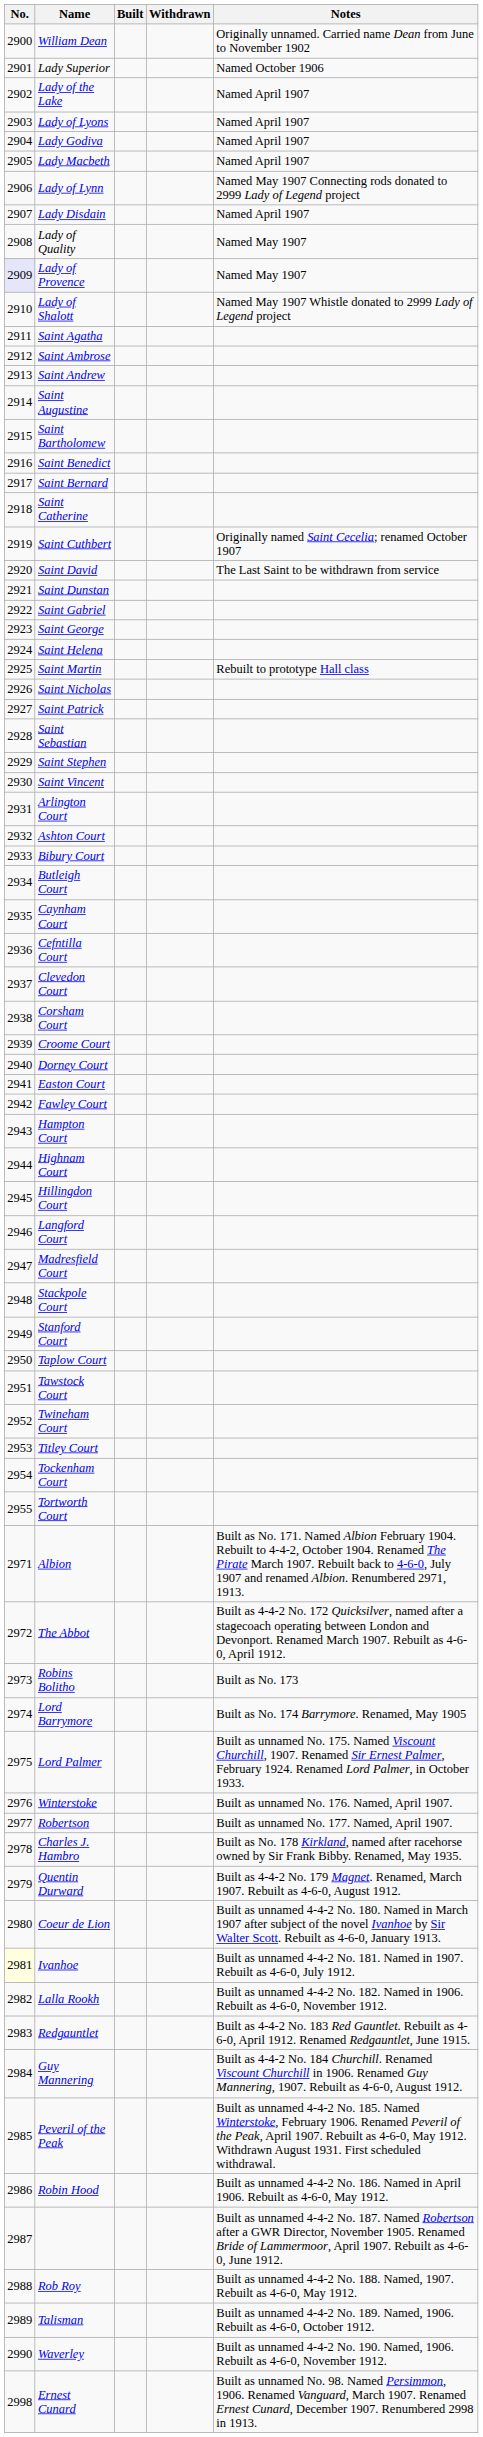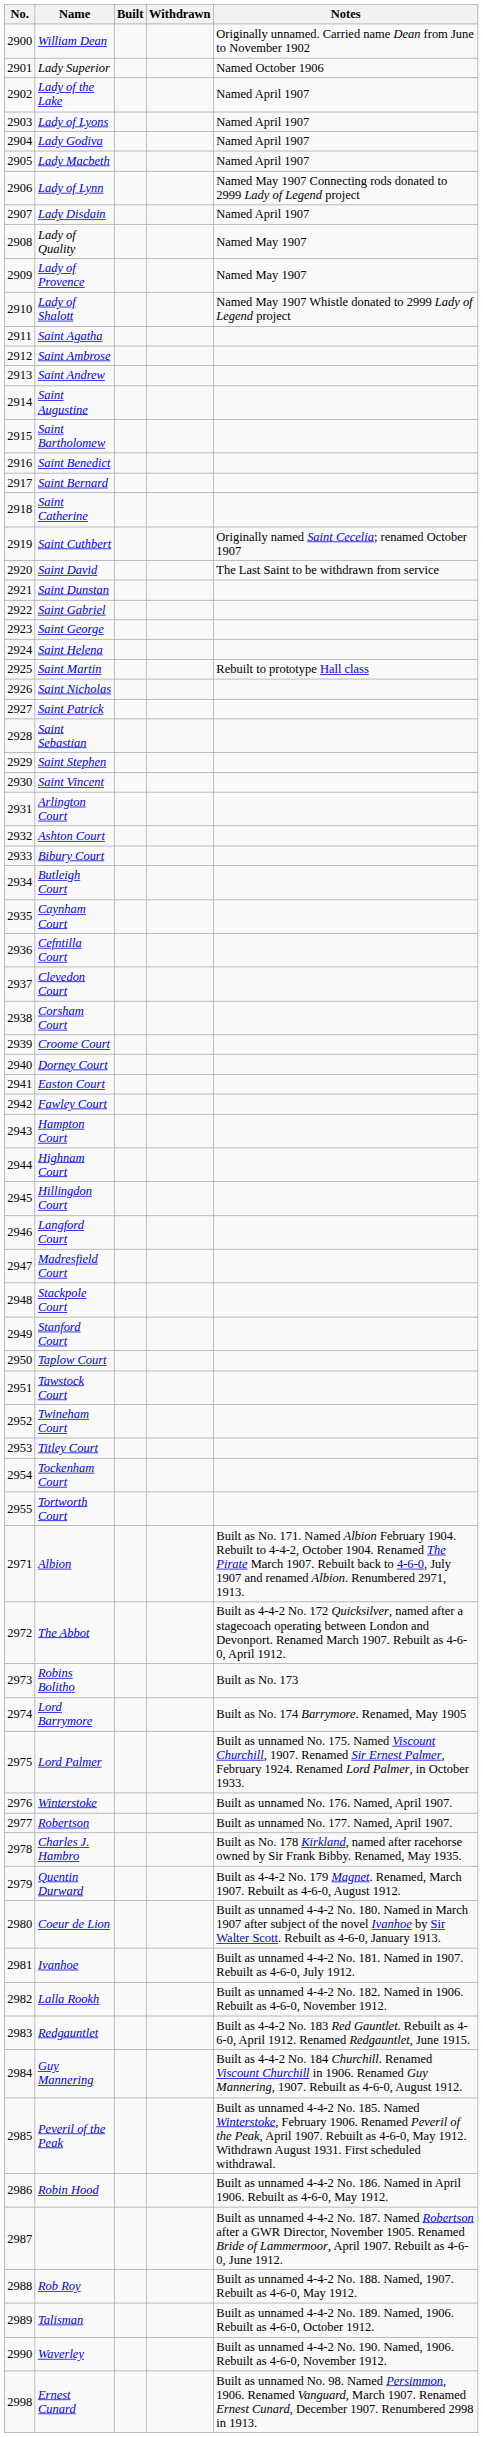 <table class="wikitable sortable">
 <tr>
 <th>No.</th>
 <th>Name</th>
 <th>Built</th>
 <th>Withdrawn</th>
 <th>Notes</th>
 </tr>
 <tr>
 <td>2900</td>
 <td><em><a href='#'>William Dean</a></em></td>
 <td></td>
 <td></td>
 <td>Originally unnamed. Carried name <em>Dean</em> from June to November 1902</td>
 </tr>
 <tr>
 <td>2901</td>
 <td><em>Lady Superior</em></td>
 <td></td>
 <td></td>
 <td>Named October 1906</td>
 </tr>
 <tr>
 <td>2902</td>
 <td><em><a href='#'>Lady of the Lake</a></em></td>
 <td></td>
 <td></td>
 <td>Named April 1907</td>
 </tr>
 <tr>
 <td>2903</td>
 <td><em><a href='#'>Lady of Lyons</a></em></td>
 <td></td>
 <td></td>
 <td>Named April 1907</td>
 </tr>
 <tr>
 <td>2904</td>
 <td><em><a href='#'>Lady Godiva</a></em></td>
 <td></td>
 <td></td>
 <td>Named April 1907</td>
 </tr>
 <tr>
 <td>2905</td>
 <td><em><a href='#'>Lady Macbeth</a></em></td>
 <td></td>
 <td></td>
 <td>Named April 1907</td>
 </tr>
 <tr>
 <td>2906</td>
 <td><em><a href='#'>Lady of Lynn</a></em></td>
 <td></td>
 <td></td>
 <td>Named May 1907 Connecting rods donated to 2999 <em>Lady of Legend</em> project</td>
 </tr>
 <tr>
 <td>2907</td>
 <td><em><a href='#'>Lady Disdain</a></em></td>
 <td></td>
 <td></td>
 <td>Named April 1907</td>
 </tr>
 <tr>
 <td>2908</td>
 <td><em>Lady of Quality</em></td>
 <td></td>
 <td></td>
 <td>Named May 1907</td>
 </tr>
 <tr>
-<td style="background: lavender;">2909</td>
+<td>2909</td>
 <td><em><a href='#'>Lady of Provence</a></em></td>
 <td></td>
 <td></td>
 <td>Named May 1907</td>
 </tr>
 <tr>
 <td>2910</td>
 <td><em><a href='#'>Lady of Shalott</a></em></td>
 <td></td>
 <td></td>
 <td>Named May 1907 Whistle donated to 2999 <em>Lady of Legend</em> project</td>
 </tr>
 <tr>
 <td>2911</td>
 <td><em><a href='#'>Saint Agatha</a></em></td>
 <td></td>
 <td></td>
 <td></td>
 </tr>
 <tr>
 <td>2912</td>
 <td><em><a href='#'>Saint Ambrose</a></em></td>
 <td></td>
 <td></td>
 <td></td>
 </tr>
 <tr>
 <td>2913</td>
 <td><em><a href='#'>Saint Andrew</a></em></td>
 <td></td>
 <td></td>
 <td></td>
 </tr>
 <tr>
 <td>2914</td>
 <td><em><a href='#'>Saint Augustine</a></em></td>
 <td></td>
 <td></td>
 <td></td>
 </tr>
 <tr>
 <td>2915</td>
 <td><em><a href='#'>Saint Bartholomew</a></em></td>
 <td></td>
 <td></td>
 <td></td>
 </tr>
 <tr>
 <td>2916</td>
 <td><em><a href='#'>Saint Benedict</a></em></td>
 <td></td>
 <td></td>
 <td></td>
 </tr>
 <tr>
 <td>2917</td>
 <td><em><a href='#'>Saint Bernard</a></em></td>
 <td></td>
 <td></td>
 <td></td>
 </tr>
 <tr>
 <td>2918</td>
 <td><em><a href='#'>Saint Catherine</a></em></td>
 <td></td>
 <td></td>
 <td></td>
 </tr>
 <tr>
 <td>2919</td>
 <td><em><a href='#'>Saint Cuthbert</a></em></td>
 <td></td>
 <td></td>
 <td>Originally named <em><a href='#'>Saint Cecelia</a></em>; renamed October 1907</td>
 </tr>
 <tr>
 <td>2920</td>
 <td><em><a href='#'>Saint David</a></em></td>
 <td></td>
 <td></td>
 <td>The Last Saint to be withdrawn from service</td>
 </tr>
 <tr>
 <td>2921</td>
 <td><em><a href='#'>Saint Dunstan</a></em></td>
 <td></td>
 <td></td>
 <td></td>
 </tr>
 <tr>
 <td>2922</td>
 <td><em><a href='#'>Saint Gabriel</a></em></td>
 <td></td>
 <td></td>
 <td></td>
 </tr>
 <tr>
 <td>2923</td>
 <td><em><a href='#'>Saint George</a></em></td>
 <td></td>
 <td></td>
 <td></td>
 </tr>
 <tr>
 <td>2924</td>
 <td><em><a href='#'>Saint Helena</a></em></td>
 <td></td>
 <td></td>
 <td></td>
 </tr>
 <tr>
 <td>2925</td>
 <td><em><a href='#'>Saint Martin</a></em></td>
 <td></td>
 <td></td>
 <td>Rebuilt to prototype <a href='#'>Hall class</a></td>
 </tr>
 <tr>
 <td>2926</td>
 <td><em><a href='#'>Saint Nicholas</a></em></td>
 <td></td>
 <td></td>
 <td></td>
 </tr>
 <tr>
 <td>2927</td>
 <td><em><a href='#'>Saint Patrick</a></em></td>
 <td></td>
 <td></td>
 <td></td>
 </tr>
 <tr>
 <td>2928</td>
 <td><em><a href='#'>Saint Sebastian</a></em></td>
 <td></td>
 <td></td>
 <td></td>
 </tr>
 <tr>
 <td>2929</td>
 <td><em><a href='#'>Saint Stephen</a></em></td>
 <td></td>
 <td></td>
 <td></td>
 </tr>
 <tr>
 <td>2930</td>
 <td><em><a href='#'>Saint Vincent</a></em></td>
 <td></td>
 <td></td>
 <td></td>
 </tr>
 <tr>
 <td>2931</td>
 <td><em><a href='#'>Arlington Court</a></em></td>
 <td></td>
 <td></td>
 <td></td>
 </tr>
 <tr>
 <td>2932</td>
 <td><em><a href='#'>Ashton Court</a></em></td>
 <td></td>
 <td></td>
 <td></td>
 </tr>
 <tr>
 <td>2933</td>
 <td><em><a href='#'>Bibury Court</a></em></td>
 <td></td>
 <td></td>
 <td></td>
 </tr>
 <tr>
 <td>2934</td>
 <td><em><a href='#'>Butleigh Court</a></em></td>
 <td></td>
 <td></td>
 <td></td>
 </tr>
 <tr>
 <td>2935</td>
 <td><em><a href='#'>Caynham Court</a></em></td>
 <td></td>
 <td></td>
 <td></td>
 </tr>
 <tr>
 <td>2936</td>
 <td><em><a href='#'>Cefntilla Court</a></em></td>
 <td></td>
 <td></td>
 <td></td>
 </tr>
 <tr>
 <td>2937</td>
 <td><em><a href='#'>Clevedon Court</a></em></td>
 <td></td>
 <td></td>
 <td></td>
 </tr>
 <tr>
 <td>2938</td>
 <td><em><a href='#'>Corsham Court</a></em></td>
 <td></td>
 <td></td>
 <td></td>
 </tr>
 <tr>
 <td>2939</td>
 <td><em><a href='#'>Croome Court</a></em></td>
 <td></td>
 <td></td>
 <td></td>
 </tr>
 <tr>
 <td>2940</td>
 <td><em><a href='#'>Dorney Court</a></em></td>
 <td></td>
 <td></td>
 <td></td>
 </tr>
 <tr>
 <td>2941</td>
 <td><em><a href='#'>Easton Court</a></em></td>
 <td></td>
 <td></td>
 <td></td>
 </tr>
 <tr>
 <td>2942</td>
 <td><em><a href='#'>Fawley Court</a></em></td>
 <td></td>
 <td></td>
 <td></td>
 </tr>
 <tr>
 <td>2943</td>
 <td><em><a href='#'>Hampton Court</a></em></td>
 <td></td>
 <td></td>
 <td></td>
 </tr>
 <tr>
 <td>2944</td>
 <td><em><a href='#'>Highnam Court</a></em></td>
 <td></td>
 <td></td>
 <td></td>
 </tr>
 <tr>
 <td>2945</td>
 <td><em><a href='#'>Hillingdon Court</a></em></td>
 <td></td>
 <td></td>
 <td></td>
 </tr>
 <tr>
 <td>2946</td>
 <td><em><a href='#'>Langford Court</a></em></td>
 <td></td>
 <td></td>
 <td></td>
 </tr>
 <tr>
 <td>2947</td>
 <td><em><a href='#'>Madresfield Court</a></em></td>
 <td></td>
 <td></td>
 <td></td>
 </tr>
 <tr>
 <td>2948</td>
 <td><em><a href='#'>Stackpole Court</a></em></td>
 <td></td>
 <td></td>
 <td></td>
 </tr>
 <tr>
 <td>2949</td>
 <td><em><a href='#'>Stanford Court</a></em></td>
 <td></td>
 <td></td>
 <td></td>
 </tr>
 <tr>
 <td>2950</td>
 <td><em><a href='#'>Taplow Court</a></em></td>
 <td></td>
 <td></td>
 <td></td>
 </tr>
 <tr>
 <td>2951</td>
 <td><em><a href='#'>Tawstock Court</a></em></td>
 <td></td>
 <td></td>
 <td></td>
 </tr>
 <tr>
 <td>2952</td>
 <td><em><a href='#'>Twineham Court</a></em></td>
 <td></td>
 <td></td>
 <td></td>
 </tr>
 <tr>
 <td>2953</td>
 <td><em><a href='#'>Titley Court</a></em></td>
 <td></td>
 <td></td>
 <td></td>
 </tr>
 <tr>
 <td>2954</td>
 <td><em><a href='#'>Tockenham Court</a></em></td>
 <td></td>
 <td></td>
 <td></td>
 </tr>
 <tr>
 <td>2955</td>
 <td><em><a href='#'>Tortworth Court</a></em></td>
 <td></td>
 <td></td>
 <td></td>
 </tr>
 <tr>
 <td>2971</td>
 <td><em><a href='#'>Albion</a></em></td>
 <td></td>
 <td></td>
 <td>Built as No. 171. Named <em>Albion</em> February 1904. Rebuilt to 4-4-2, October 1904. Renamed <em><a href='#'>The Pirate</a></em> March 1907. Rebuilt back to <a href='#'>4-6-0</a>, July 1907 and renamed <em>Albion</em>. Renumbered 2971, 1913.</td>
 </tr>
 <tr>
 <td>2972</td>
 <td><em><a href='#'>The Abbot</a></em></td>
 <td></td>
 <td></td>
 <td>Built as 4-4-2 No. 172 <em>Quicksilver</em>, named after a stagecoach operating between London and Devonport. Renamed March 1907. Rebuilt as 4-6-0, April 1912.</td>
 </tr>
 <tr>
 <td>2973</td>
 <td><em><a href='#'>Robins Bolitho</a></em></td>
 <td></td>
 <td></td>
 <td>Built as No. 173</td>
 </tr>
 <tr>
 <td>2974</td>
 <td><em><a href='#'>Lord Barrymore</a></em></td>
 <td></td>
 <td></td>
 <td>Built as No. 174 <em>Barrymore</em>. Renamed, May 1905</td>
 </tr>
 <tr>
 <td>2975</td>
 <td><em><a href='#'>Lord Palmer</a></em></td>
 <td></td>
 <td></td>
 <td>Built as unnamed No. 175. Named <em><a href='#'>Viscount Churchill</a></em>, 1907. Renamed <em><a href='#'>Sir Ernest Palmer</a></em>, February 1924. Renamed <em>Lord Palmer</em>, in October 1933.</td>
 </tr>
 <tr>
 <td>2976</td>
 <td><em><a href='#'>Winterstoke</a></em></td>
 <td></td>
 <td></td>
 <td>Built as unnamed No. 176. Named, April 1907.</td>
 </tr>
 <tr>
 <td>2977</td>
 <td><em><a href='#'>Robertson</a></em></td>
 <td></td>
 <td></td>
 <td>Built as unnamed No. 177. Named, April 1907.</td>
 </tr>
 <tr>
 <td>2978</td>
 <td><em><a href='#'>Charles J. Hambro</a></em></td>
 <td></td>
 <td></td>
 <td>Built as No. 178 <em><a href='#'>Kirkland</a></em>, named after racehorse owned by Sir Frank Bibby. Renamed, May 1935.</td>
 </tr>
 <tr>
 <td>2979</td>
 <td><em><a href='#'>Quentin Durward</a></em></td>
 <td></td>
 <td></td>
 <td>Built as 4-4-2 No. 179 <em><a href='#'>Magnet</a></em>. Renamed, March 1907. Rebuilt as 4-6-0, August 1912.</td>
 </tr>
 <tr>
 <td>2980</td>
 <td><em><a href='#'>Coeur de Lion</a></em></td>
 <td></td>
 <td></td>
 <td>Built as unnamed 4-4-2 No. 180. Named in March 1907 after subject of the novel <em><a href='#'>Ivanhoe</a></em> by <a href='#'>Sir Walter Scott</a>. Rebuilt as 4-6-0, January 1913.</td>
 </tr>
 <tr>
-<td style="background: lightyellow;">2981</td>
+<td>2981</td>
 <td><em><a href='#'>Ivanhoe</a></em></td>
 <td></td>
 <td></td>
 <td>Built as unnamed 4-4-2 No. 181. Named in 1907. Rebuilt as 4-6-0, July 1912.</td>
 </tr>
 <tr>
 <td>2982</td>
 <td><em><a href='#'>Lalla Rookh</a></em></td>
 <td></td>
 <td></td>
 <td>Built as unnamed 4-4-2 No. 182. Named in 1906. Rebuilt as 4-6-0, November 1912.</td>
 </tr>
 <tr>
 <td>2983</td>
 <td><em><a href='#'>Redgauntlet</a></em></td>
 <td></td>
 <td></td>
 <td>Built as 4-4-2 No. 183 <em>Red Gauntlet</em>. Rebuilt as 4-6-0, April 1912. Renamed <em>Redgauntlet</em>, June 1915.</td>
 </tr>
 <tr>
 <td>2984</td>
 <td><em><a href='#'>Guy Mannering</a></em></td>
 <td></td>
 <td></td>
 <td>Built as 4-4-2 No. 184 <em>Churchill</em>. Renamed <em><a href='#'>Viscount Churchill</a></em> in 1906. Renamed <em>Guy Mannering</em>, 1907. Rebuilt as 4-6-0, August 1912.</td>
 </tr>
 <tr>
 <td>2985</td>
 <td><em><a href='#'>Peveril of the Peak</a></em></td>
 <td></td>
 <td></td>
 <td>Built as unnamed 4-4-2 No. 185. Named <em><a href='#'>Winterstoke</a></em>, February 1906. Renamed <em>Peveril of the Peak</em>, April 1907. Rebuilt as 4-6-0, May 1912. Withdrawn August 1931. First scheduled withdrawal.</td>
 </tr>
 <tr>
 <td>2986</td>
 <td><em><a href='#'>Robin Hood</a></em></td>
 <td></td>
 <td></td>
 <td>Built as unnamed 4-4-2 No. 186. Named in April 1906. Rebuilt as 4-6-0, May 1912.</td>
 </tr>
 <tr>
 <td>2987</td>
 <td></td>
 <td></td>
 <td></td>
 <td>Built as unnamed 4-4-2 No. 187. Named <em><a href='#'>Robertson</a></em> after a GWR Director, November 1905. Renamed <em>Bride of Lammermoor</em>, April 1907. Rebuilt as 4-6-0, June 1912.</td>
 </tr>
 <tr>
 <td>2988</td>
 <td><em><a href='#'>Rob Roy</a></em></td>
 <td></td>
 <td></td>
 <td>Built as unnamed 4-4-2 No. 188. Named, 1907. Rebuilt as 4-6-0, May 1912.</td>
 </tr>
 <tr>
 <td>2989</td>
 <td><em><a href='#'>Talisman</a></em></td>
 <td></td>
 <td></td>
 <td>Built as unnamed 4-4-2 No. 189. Named, 1906. Rebuilt as 4-6-0, October 1912.</td>
 </tr>
 <tr>
 <td>2990</td>
 <td><em><a href='#'>Waverley</a></em></td>
 <td></td>
 <td></td>
 <td>Built as unnamed 4-4-2 No. 190. Named, 1906. Rebuilt as 4-6-0, November 1912.</td>
 </tr>
 <tr>
 <td>2998</td>
 <td><em><a href='#'>Ernest Cunard</a></em></td>
 <td></td>
 <td></td>
 <td>Built as unnamed No. 98. Named <em><a href='#'>Persimmon</a></em>, 1906. Renamed <em>Vanguard</em>, March 1907. Renamed <em>Ernest Cunard</em>, December 1907. Renumbered 2998 in 1913.</td>
 </tr>
 </table>
